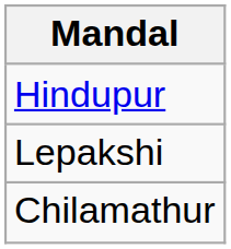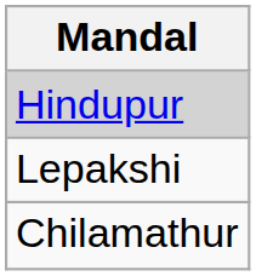 <table class="wikitable sortable static-row-numbers static-row-header-hash">
 <tr>
 <th>Mandal</th>
 </tr>
 <tr>
-<td><a href='#'>Hindupur</a></td>
+<td style="background: lightgrey;"><a href='#'>Hindupur</a></td>
 </tr>
 <tr>
 <td>Lepakshi</td>
 </tr>
 <tr>
 <td>Chilamathur</td>
 </tr>
 </table>
